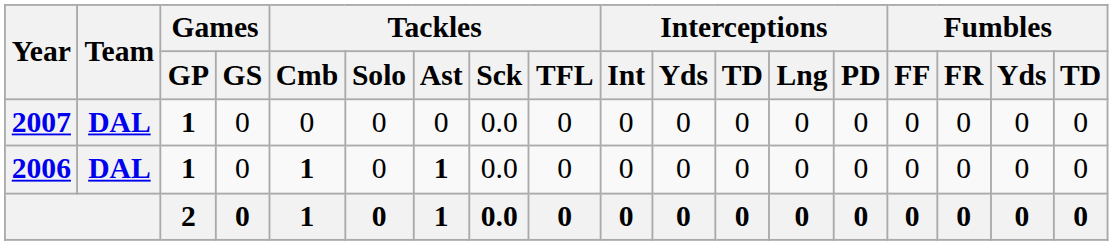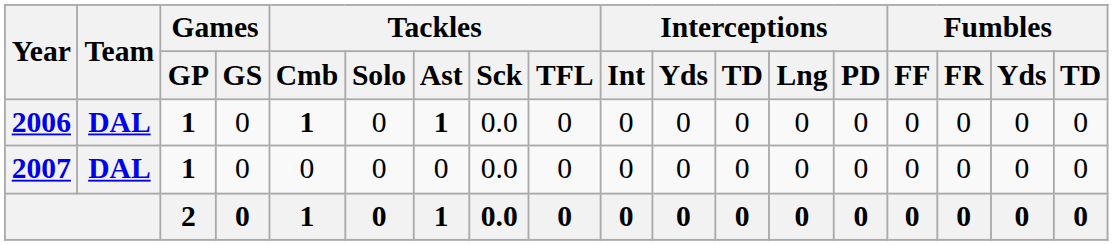 <table class="wikitable" style="text-align:center">
 <tr>
 <th rowspan="2">Year</th>
 <th rowspan="2">Team</th>
 <th colspan="2">Games</th>
 <th colspan="5">Tackles</th>
 <th colspan="5">Interceptions</th>
 <th colspan="4">Fumbles</th>
 </tr>
 <tr>
 <th>GP</th>
 <th>GS</th>
 <th>Cmb</th>
 <th>Solo</th>
 <th>Ast</th>
 <th>Sck</th>
 <th>TFL</th>
 <th>Int</th>
 <th>Yds</th>
 <th>TD</th>
 <th>Lng</th>
 <th>PD</th>
 <th>FF</th>
 <th>FR</th>
 <th>Yds</th>
 <th>TD</th>
 </tr>
 <tr>
-<th><a href='#'>2007</a></th>
+<th><a href='#'>2006</a></th>
 <th><a href='#'>DAL</a></th>
 <td><strong>1</strong></td>
 <td>0</td>
+<td><strong>1</strong></td>
 <td>0</td>
-<td>0</td>
-<td>0</td>
+<td><strong>1</strong></td>
 <td>0.0</td>
 <td>0</td>
 <td>0</td>
 <td>0</td>
 <td>0</td>
 <td>0</td>
 <td>0</td>
 <td>0</td>
 <td>0</td>
 <td>0</td>
 <td>0</td>
 </tr>
 <tr>
-<th><a href='#'>2006</a></th>
+<th><a href='#'>2007</a></th>
 <th><a href='#'>DAL</a></th>
 <td><strong>1</strong></td>
 <td>0</td>
-<td><strong>1</strong></td>
 <td>0</td>
-<td><strong>1</strong></td>
+<td>0</td>
+<td>0</td>
 <td>0.0</td>
 <td>0</td>
 <td>0</td>
 <td>0</td>
 <td>0</td>
 <td>0</td>
 <td>0</td>
 <td>0</td>
 <td>0</td>
 <td>0</td>
 <td>0</td>
 </tr>
 <tr>
 <th colspan="2"></th>
 <th>2</th>
 <th>0</th>
 <th>1</th>
 <th>0</th>
 <th>1</th>
 <th>0.0</th>
 <th>0</th>
 <th>0</th>
 <th>0</th>
 <th>0</th>
 <th>0</th>
 <th>0</th>
 <th>0</th>
 <th>0</th>
 <th>0</th>
 <th>0</th>
 </tr>
 </table>
